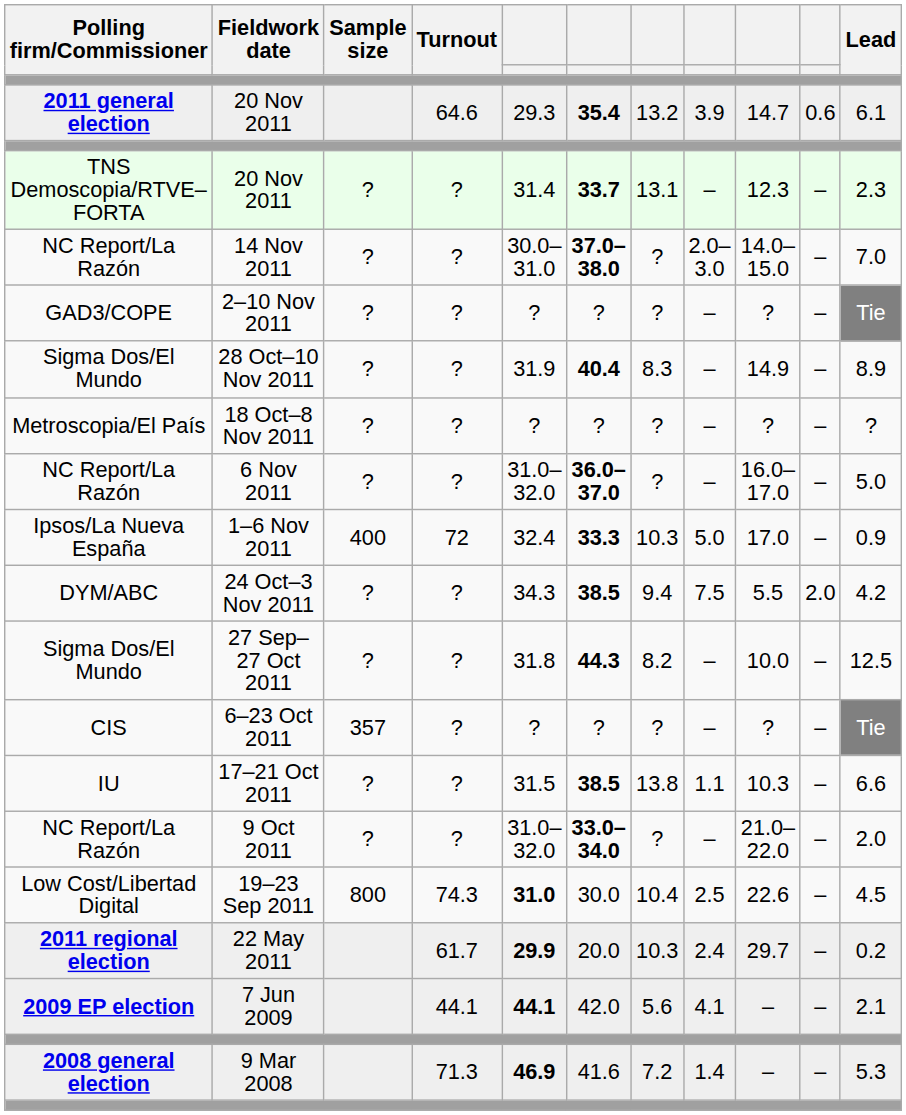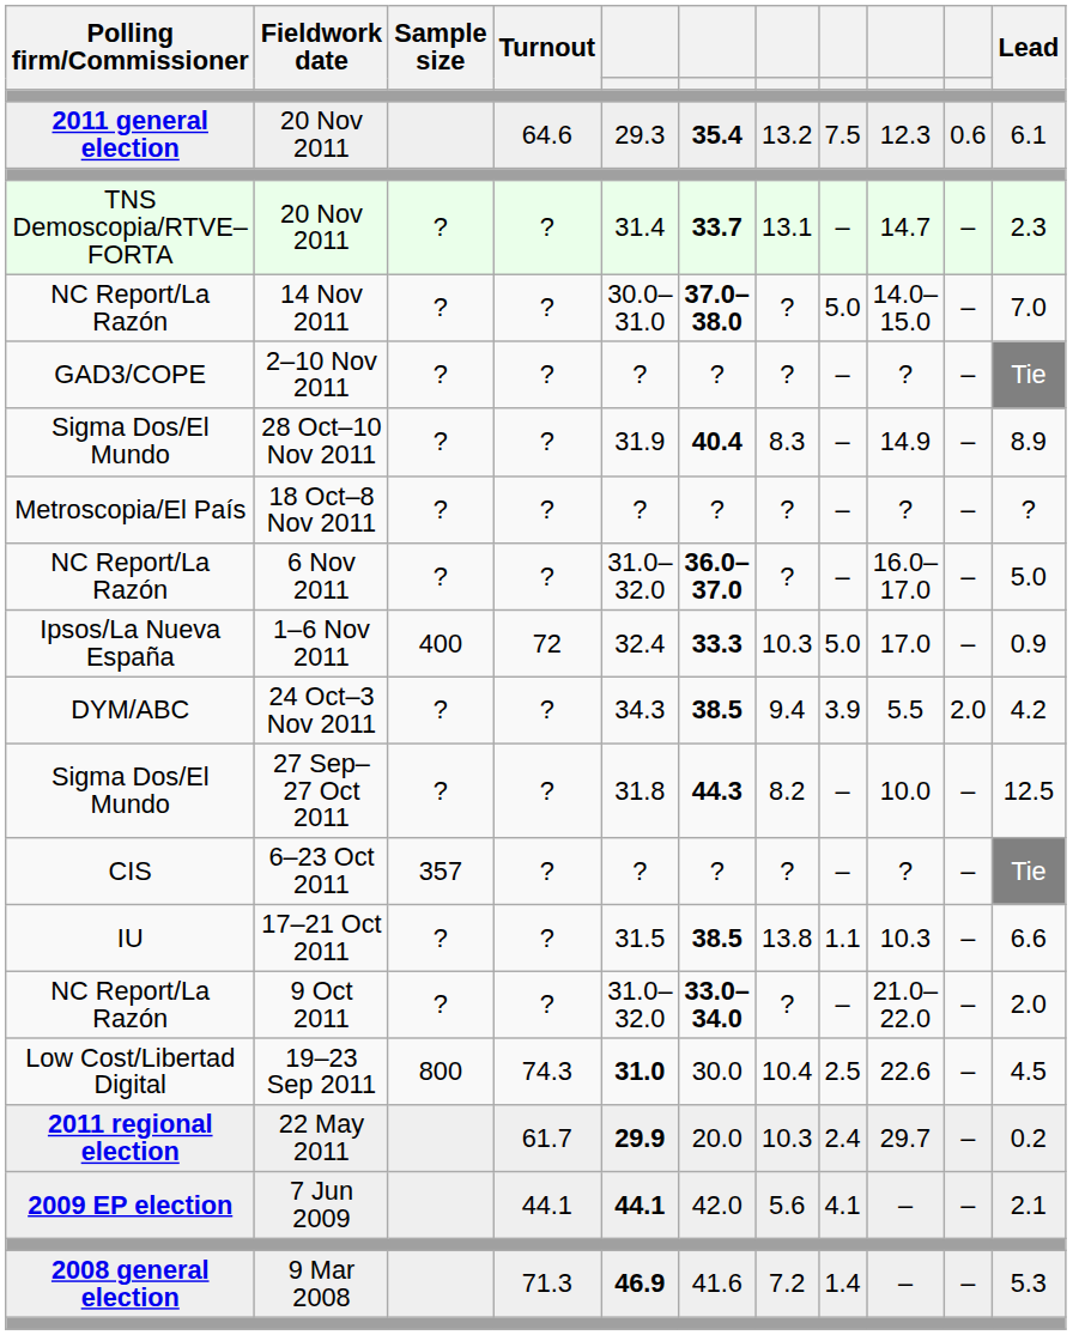 <table class="wikitable collapsible collapsed" style="text-align:center; font-size:95%; line-height:16px;">
 <tr style="height:42px;">
 <th style="width:250px;" rowspan="2">Polling firm/Commissioner</th>
 <th style="width:125px;" rowspan="2">Fieldwork date</th>
 <th style="width:50px;" rowspan="2">Sample size</th>
 <th style="width:45px;" rowspan="2">Turnout</th>
 <th style="width:35px;"></th>
 <th style="width:35px;"></th>
 <th style="width:35px;"></th>
 <th style="width:35px;"></th>
 <th style="width:35px;"></th>
 <th style="width:35px;"></th>
 <th style="width:30px;" rowspan="2">Lead</th>
 </tr>
 <tr>
 <th style="color:inherit;background:"></th>
 <th style="color:inherit;background:"></th>
 <th style="color:inherit;background:"></th>
 <th style="color:inherit;background:"></th>
 <th style="color:inherit;background:"></th>
 <th style="color:inherit;background:"></th>
 </tr>
 <tr>
 <td colspan="11" style="background:#A0A0A0"></td>
 </tr>
 <tr style="background:#EFEFEF;">
 <td><strong><a href='#'>2011 general election</a></strong></td>
 <td>20 Nov 2011</td>
 <td></td>
 <td>64.6</td>
 <td>29.3<br></td>
 <td><strong>35.4</strong><br></td>
 <td>13.2<br></td>
-<td>3.9<br></td>
-<td>14.7<br></td>
+<td>7.5<br></td>
+<td>12.3<br></td>
 <td>0.6<br></td>
 <td style="background:">6.1</td>
 </tr>
 <tr>
 <td colspan="11" style="background:#A0A0A0"></td>
 </tr>
 <tr style="background:#EAFFEA;">
 <td>TNS Demoscopia/RTVE–FORTA</td>
 <td>20 Nov 2011</td>
 <td>?</td>
 <td>?</td>
 <td>31.4<br></td>
 <td><strong>33.7</strong><br></td>
 <td>13.1<br></td>
 <td>–</td>
-<td>12.3<br></td>
+<td>14.7<br></td>
 <td>–</td>
 <td style="background:">2.3</td>
 </tr>
 <tr>
 <td>NC Report/La Razón</td>
 <td>14 Nov 2011</td>
 <td>?</td>
 <td>?</td>
 <td>30.0–<br>31.0<br></td>
 <td><strong>37.0–<br>38.0</strong><br></td>
 <td>?<br></td>
-<td>2.0–<br>3.0<br></td>
+<td>5.0<br></td>
 <td>14.0–<br>15.0<br></td>
 <td>–</td>
 <td style="background:">7.0</td>
 </tr>
 <tr>
 <td>GAD3/COPE</td>
 <td>2–10 Nov 2011</td>
 <td>?</td>
 <td>?</td>
 <td>?<br></td>
 <td>?<br></td>
 <td>?<br></td>
 <td>–</td>
 <td>?<br></td>
 <td>–</td>
 <td style="background:gray; color:white;">Tie</td>
 </tr>
 <tr>
 <td>Sigma Dos/El Mundo</td>
 <td>28 Oct–10 Nov 2011</td>
 <td>?</td>
 <td>?</td>
 <td>31.9<br></td>
 <td><strong>40.4</strong><br></td>
 <td>8.3<br></td>
 <td>–</td>
 <td>14.9<br></td>
 <td>–</td>
 <td style="background:">8.9</td>
 </tr>
 <tr>
 <td>Metroscopia/El País</td>
 <td>18 Oct–8 Nov 2011</td>
 <td>?</td>
 <td>?</td>
 <td>?<br></td>
 <td>?<br></td>
 <td>?<br></td>
 <td>–</td>
 <td>?<br></td>
 <td>–</td>
 <td style="background:">?</td>
 </tr>
 <tr>
 <td>NC Report/La Razón</td>
 <td>6 Nov 2011</td>
 <td>?</td>
 <td>?</td>
 <td>31.0–<br>32.0<br></td>
 <td><strong>36.0–<br>37.0</strong><br></td>
 <td>?<br></td>
 <td>–</td>
 <td>16.0–<br>17.0<br></td>
 <td>–</td>
 <td style="background:">5.0</td>
 </tr>
 <tr>
 <td>Ipsos/La Nueva España</td>
 <td>1–6 Nov 2011</td>
 <td>400</td>
 <td>72</td>
 <td>32.4<br></td>
 <td><strong>33.3</strong><br></td>
 <td>10.3<br></td>
 <td>5.0<br></td>
 <td>17.0<br></td>
 <td>–</td>
 <td style="background:">0.9</td>
 </tr>
 <tr>
 <td>DYM/ABC</td>
 <td>24 Oct–3 Nov 2011</td>
 <td>?</td>
 <td>?</td>
 <td>34.3<br></td>
 <td><strong>38.5</strong><br></td>
 <td>9.4<br></td>
-<td>7.5<br></td>
+<td>3.9<br></td>
 <td>5.5<br></td>
 <td>2.0<br></td>
 <td style="background:">4.2</td>
 </tr>
 <tr>
 <td>Sigma Dos/El Mundo</td>
 <td>27 Sep–27 Oct 2011</td>
 <td>?</td>
 <td>?</td>
 <td>31.8<br></td>
 <td><strong>44.3</strong><br></td>
 <td>8.2<br></td>
 <td>–</td>
 <td>10.0<br></td>
 <td>–</td>
 <td style="background:">12.5</td>
 </tr>
 <tr>
 <td>CIS</td>
 <td>6–23 Oct 2011</td>
 <td>357</td>
 <td>?</td>
 <td>?<br></td>
 <td>?<br></td>
 <td>?<br></td>
 <td>–</td>
 <td>?<br></td>
 <td>–</td>
 <td style="background:gray; color:white;">Tie</td>
 </tr>
 <tr>
 <td>IU</td>
 <td>17–21 Oct 2011</td>
 <td>?</td>
 <td>?</td>
 <td>31.5<br></td>
 <td><strong>38.5</strong><br></td>
 <td>13.8<br></td>
 <td>1.1<br></td>
 <td>10.3<br></td>
 <td>–</td>
 <td style="background:">6.6</td>
 </tr>
 <tr>
 <td>NC Report/La Razón</td>
 <td>9 Oct 2011</td>
 <td>?</td>
 <td>?</td>
 <td>31.0–<br>32.0<br></td>
 <td><strong>33.0–<br>34.0</strong><br></td>
 <td>?<br></td>
 <td>–</td>
 <td>21.0–<br>22.0<br></td>
 <td>–</td>
 <td style="background:">2.0</td>
 </tr>
 <tr>
 <td>Low Cost/Libertad Digital</td>
 <td>19–23 Sep 2011</td>
 <td>800</td>
 <td>74.3</td>
 <td><strong>31.0</strong><br></td>
 <td>30.0<br></td>
 <td>10.4<br></td>
 <td>2.5<br></td>
 <td>22.6<br></td>
 <td>–</td>
 <td style="background:">4.5</td>
 </tr>
 <tr style="background:#EFEFEF;">
 <td><strong><a href='#'>2011 regional election</a></strong></td>
 <td>22 May 2011</td>
 <td></td>
 <td>61.7</td>
 <td><strong>29.9</strong><br></td>
 <td>20.0<br></td>
 <td>10.3<br></td>
 <td>2.4<br></td>
 <td>29.7<br></td>
 <td>–</td>
 <td style="background:">0.2</td>
 </tr>
 <tr style="background:#EFEFEF;">
 <td><strong><a href='#'>2009 EP election</a></strong></td>
 <td>7 Jun 2009</td>
 <td></td>
 <td>44.1</td>
 <td><strong>44.1</strong><br></td>
 <td>42.0<br></td>
 <td>5.6<br></td>
 <td>4.1<br></td>
 <td>–</td>
 <td>–</td>
 <td style="background:">2.1</td>
 </tr>
 <tr>
 <td colspan="11" style="background:#A0A0A0"></td>
 </tr>
 <tr style="background:#EFEFEF;">
 <td><strong><a href='#'>2008 general election</a></strong></td>
 <td>9 Mar 2008</td>
 <td></td>
 <td>71.3</td>
 <td><strong>46.9</strong><br></td>
 <td>41.6<br></td>
 <td>7.2<br></td>
 <td>1.4<br></td>
 <td>–</td>
 <td>–</td>
 <td style="background:">5.3</td>
 </tr>
 <tr>
 <td colspan="11" style="background:#A0A0A0"></td>
 </tr>
 </table>
